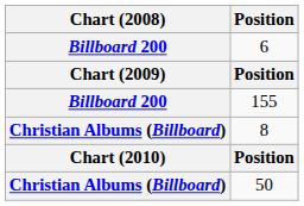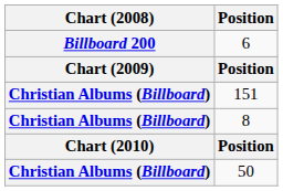 <table class="wikitable sortable plainrowheaders">
 <tr>
 <th scope="col">Chart (2008)</th>
 <th scope="col">Position</th>
 </tr>
 <tr>
 <th scope="row"><a href='#'><em>Billboard</em> 200</a></th>
 <td align="center">6</td>
 </tr>
 <tr>
 <th scope="col">Chart (2009)</th>
 <th scope="col">Position</th>
 </tr>
 <tr>
-<th scope="row"><a href='#'><em>Billboard</em> 200</a></th>
-<td align="center">155</td>
+<th scope="row"><a href='#'>Christian Albums</a> (<em><a href='#'>Billboard</a></em>)</th>
+<td align="center">151</td>
 </tr>
 <tr>
 <th scope="row"><a href='#'>Christian Albums</a> (<em><a href='#'>Billboard</a></em>)</th>
 <td align="center">8</td>
 </tr>
 <tr>
 <th scope="col">Chart (2010)</th>
 <th scope="col">Position</th>
 </tr>
 <tr>
 <th scope="row"><a href='#'>Christian Albums</a> (<em><a href='#'>Billboard</a></em>)</th>
 <td align="center">50</td>
 </tr>
 </table>
